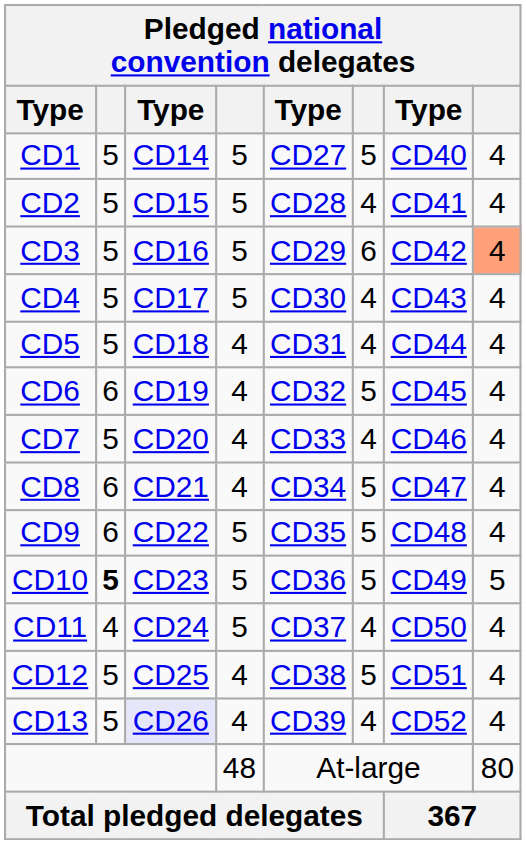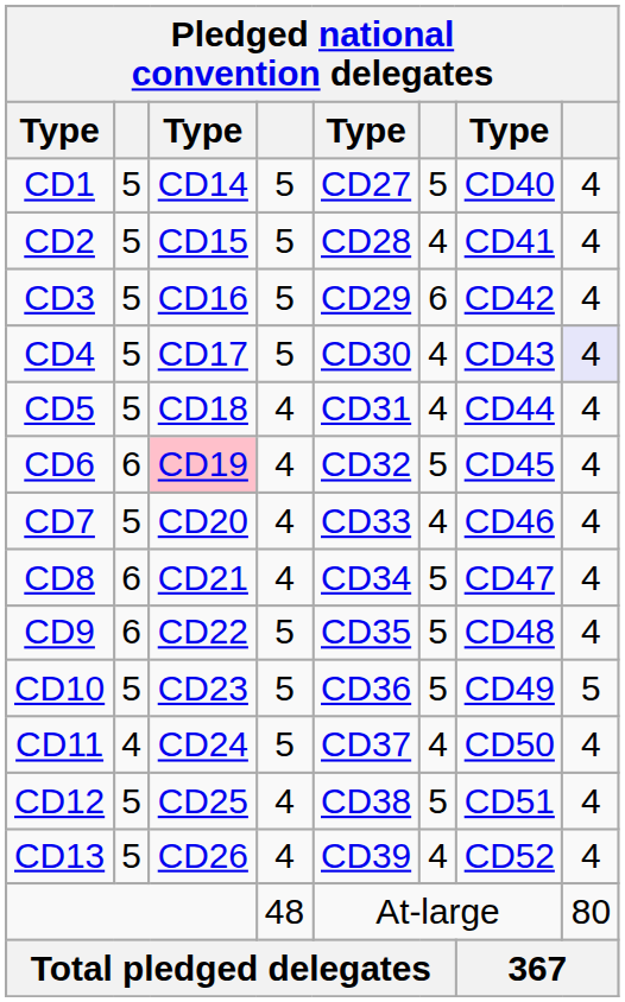 <table class="wikitable sortable" style="font-size:90%;text-align:center;float:none;padding:5px;">
 <tr>
 <th colspan="8">Pledged <a href='#'>national<br>convention</a> delegates</th>
 </tr>
 <tr>
 <th>Type</th>
 <th></th>
 <th>Type</th>
 <th></th>
 <th>Type</th>
 <th></th>
 <th>Type</th>
 <th></th>
 </tr>
 <tr>
 <td><a href='#'>CD1</a></td>
 <td>5</td>
 <td><a href='#'>CD14</a></td>
 <td>5</td>
 <td><a href='#'>CD27</a></td>
 <td>5</td>
 <td><a href='#'>CD40</a></td>
 <td>4</td>
 </tr>
 <tr>
 <td><a href='#'>CD2</a></td>
 <td>5</td>
 <td><a href='#'>CD15</a></td>
 <td>5</td>
 <td><a href='#'>CD28</a></td>
 <td>4</td>
 <td><a href='#'>CD41</a></td>
 <td>4</td>
 </tr>
 <tr>
 <td><a href='#'>CD3</a></td>
 <td>5</td>
 <td><a href='#'>CD16</a></td>
 <td>5</td>
 <td><a href='#'>CD29</a></td>
 <td>6</td>
 <td><a href='#'>CD42</a></td>
-<td style="background: lightsalmon;">4</td>
+<td>4</td>
 </tr>
 <tr>
 <td><a href='#'>CD4</a></td>
 <td>5</td>
 <td><a href='#'>CD17</a></td>
 <td>5</td>
 <td><a href='#'>CD30</a></td>
 <td>4</td>
 <td><a href='#'>CD43</a></td>
-<td>4</td>
+<td style="background: lavender;">4</td>
 </tr>
 <tr>
 <td><a href='#'>CD5</a></td>
 <td>5</td>
 <td><a href='#'>CD18</a></td>
 <td>4</td>
 <td><a href='#'>CD31</a></td>
 <td>4</td>
 <td><a href='#'>CD44</a></td>
 <td>4</td>
 </tr>
 <tr>
 <td><a href='#'>CD6</a></td>
 <td>6</td>
-<td><a href='#'>CD19</a></td>
+<td style="background: pink;"><a href='#'>CD19</a></td>
 <td>4</td>
 <td><a href='#'>CD32</a></td>
 <td>5</td>
 <td><a href='#'>CD45</a></td>
 <td>4</td>
 </tr>
 <tr>
 <td><a href='#'>CD7</a></td>
 <td>5</td>
 <td><a href='#'>CD20</a></td>
 <td>4</td>
 <td><a href='#'>CD33</a></td>
 <td>4</td>
 <td><a href='#'>CD46</a></td>
 <td>4</td>
 </tr>
 <tr>
 <td><a href='#'>CD8</a></td>
 <td>6</td>
 <td><a href='#'>CD21</a></td>
 <td>4</td>
 <td><a href='#'>CD34</a></td>
 <td>5</td>
 <td><a href='#'>CD47</a></td>
 <td>4</td>
 </tr>
 <tr>
 <td><a href='#'>CD9</a></td>
 <td>6</td>
 <td><a href='#'>CD22</a></td>
 <td>5</td>
 <td><a href='#'>CD35</a></td>
 <td>5</td>
 <td><a href='#'>CD48</a></td>
 <td>4</td>
 </tr>
 <tr>
 <td><a href='#'>CD10</a></td>
-<td><strong>5</strong></td>
+<td>5</td>
 <td><a href='#'>CD23</a></td>
 <td>5</td>
 <td><a href='#'>CD36</a></td>
 <td>5</td>
 <td><a href='#'>CD49</a></td>
 <td>5</td>
 </tr>
 <tr>
 <td><a href='#'>CD11</a></td>
 <td>4</td>
 <td><a href='#'>CD24</a></td>
 <td>5</td>
 <td><a href='#'>CD37</a></td>
 <td>4</td>
 <td><a href='#'>CD50</a></td>
 <td>4</td>
 </tr>
 <tr>
 <td><a href='#'>CD12</a></td>
 <td>5</td>
 <td><a href='#'>CD25</a></td>
 <td>4</td>
 <td><a href='#'>CD38</a></td>
 <td>5</td>
 <td><a href='#'>CD51</a></td>
 <td>4</td>
 </tr>
 <tr>
 <td><a href='#'>CD13</a></td>
 <td>5</td>
-<td style="background: lavender;"><a href='#'>CD26</a></td>
+<td><a href='#'>CD26</a></td>
 <td>4</td>
 <td><a href='#'>CD39</a></td>
 <td>4</td>
 <td><a href='#'>CD52</a></td>
 <td>4</td>
 </tr>
 <tr>
 <td colspan="3"></td>
 <td>48</td>
 <td colspan="3">At-large</td>
 <td>80</td>
 </tr>
 <tr>
 <th colspan="6">Total pledged delegates</th>
 <th colspan="2">367</th>
 </tr>
 </table>
